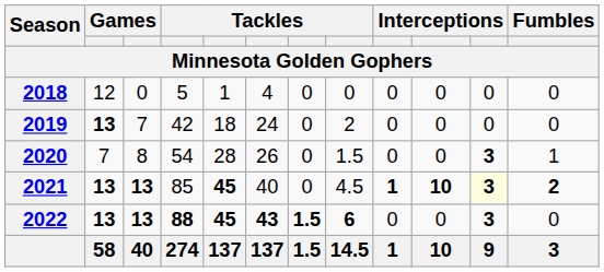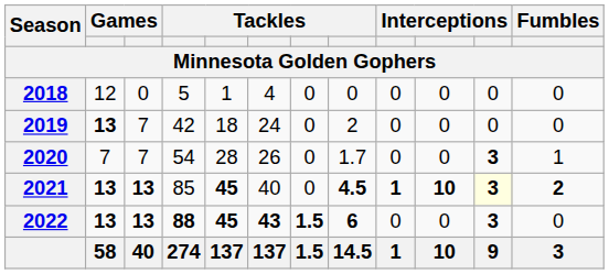 <table class="wikitable" style="text-align:center;">
 <tr>
 <th rowspan="2">Season</th>
 <th colspan="2">Games</th>
 <th colspan="5">Tackles</th>
 <th colspan="3">Interceptions</th>
 <th>Fumbles</th>
 </tr>
 <tr>
 <th></th>
 <th></th>
 <th></th>
 <th></th>
 <th></th>
 <th></th>
 <th></th>
 <th></th>
 <th></th>
 <th></th>
 <th></th>
 </tr>
 <tr>
 <th colspan="12">Minnesota Golden Gophers</th>
 </tr>
 <tr>
 <th><a href='#'>2018</a></th>
 <td>12</td>
 <td>0</td>
 <td>5</td>
 <td>1</td>
 <td>4</td>
 <td>0</td>
 <td>0</td>
 <td>0</td>
 <td>0</td>
 <td>0</td>
 <td>0</td>
 </tr>
 <tr>
 <th><a href='#'>2019</a></th>
 <td><strong>13</strong></td>
 <td>7</td>
 <td>42</td>
 <td>18</td>
 <td>24</td>
 <td>0</td>
 <td>2</td>
 <td>0</td>
 <td>0</td>
 <td>0</td>
 <td>0</td>
 </tr>
 <tr>
 <th><a href='#'>2020</a></th>
 <td>7</td>
-<td>8</td>
+<td>7</td>
 <td>54</td>
 <td>28</td>
 <td>26</td>
 <td>0</td>
-<td>1.5</td>
+<td>1.7</td>
 <td>0</td>
 <td>0</td>
 <td><strong>3</strong></td>
 <td>1</td>
 </tr>
 <tr>
 <th><a href='#'>2021</a></th>
 <td><strong>13</strong></td>
 <td><strong>13</strong></td>
 <td>85</td>
 <td><strong>45</strong></td>
 <td>40</td>
 <td>0</td>
-<td>4.5</td>
+<td><strong>4.5</strong></td>
 <td><strong>1</strong></td>
 <td><strong>10</strong></td>
 <td style="background: lightyellow;"><strong>3</strong></td>
 <td><strong>2</strong></td>
 </tr>
 <tr>
 <th><a href='#'>2022</a></th>
 <td><strong>13</strong></td>
 <td><strong>13</strong></td>
 <td><strong>88</strong></td>
 <td><strong>45</strong></td>
 <td><strong>43</strong></td>
 <td><strong>1.5</strong></td>
 <td><strong>6</strong></td>
 <td>0</td>
 <td>0</td>
 <td><strong>3</strong></td>
 <td>0</td>
 </tr>
 <tr>
 <th></th>
 <th>58</th>
 <th>40</th>
 <th>274</th>
 <th>137</th>
 <th>137</th>
 <th>1.5</th>
 <th>14.5</th>
 <th>1</th>
 <th>10</th>
 <th>9</th>
 <th>3</th>
 </tr>
 </table>
